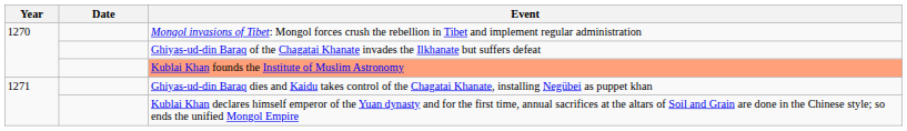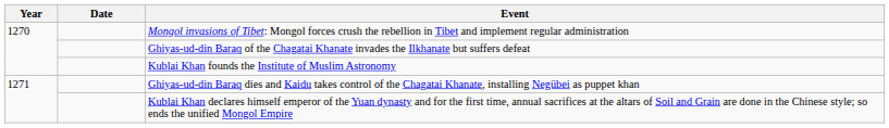 <table class="wikitable" width="100%">
 <tr>
 <th style="width:6%">Year</th>
 <th style="width:10%">Date</th>
 <th>Event</th>
 </tr>
 <tr>
 <td rowspan="3" valign="top">1270</td>
 <td></td>
 <td><em><a href='#'>Mongol invasions of Tibet</a></em>: Mongol forces crush the rebellion in <a href='#'>Tibet</a> and implement regular administration</td>
 </tr>
 <tr>
 <td></td>
 <td><a href='#'>Ghiyas-ud-din Baraq</a> of the <a href='#'>Chagatai Khanate</a> invades the <a href='#'>Ilkhanate</a> but suffers defeat</td>
 </tr>
 <tr>
 <td></td>
-<td style="background: lightsalmon;"><a href='#'>Kublai Khan</a> founds the <a href='#'>Institute of Muslim Astronomy</a></td>
+<td><a href='#'>Kublai Khan</a> founds the <a href='#'>Institute of Muslim Astronomy</a></td>
 </tr>
 <tr>
 <td rowspan="2" valign="top">1271</td>
 <td></td>
 <td><a href='#'>Ghiyas-ud-din Baraq</a> dies and <a href='#'>Kaidu</a> takes control of the <a href='#'>Chagatai Khanate</a>, installing <a href='#'>Negübei</a> as puppet khan</td>
 </tr>
 <tr>
 <td></td>
 <td><a href='#'>Kublai Khan</a> declares himself emperor of the <a href='#'>Yuan dynasty</a> and for the first time, annual sacrifices at the altars of <a href='#'>Soil and Grain</a> are done in the Chinese style; so ends the unified <a href='#'>Mongol Empire</a></td>
 </tr>
 </table>
